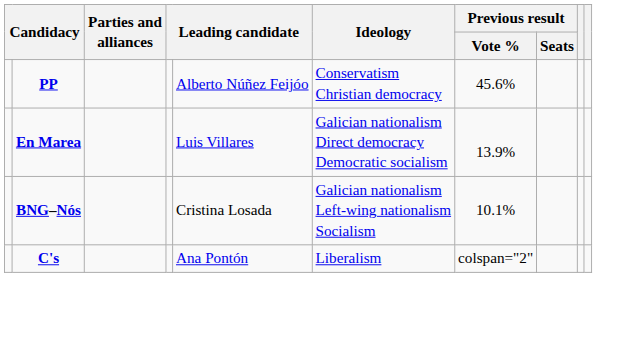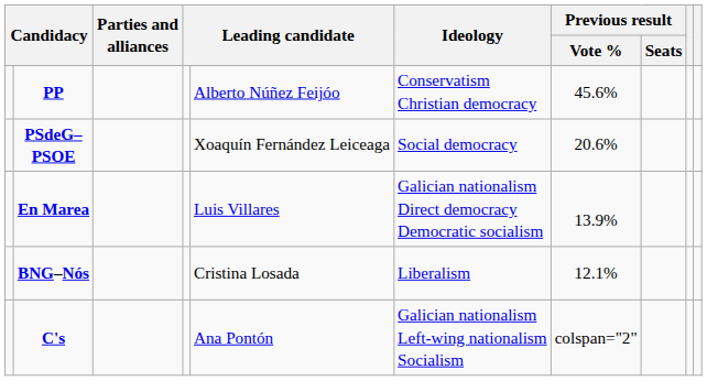 <table class="wikitable" style="line-height:1.35em; text-align:left;">
 <tr>
 <th colspan="2" rowspan="2">Candidacy</th>
 <th rowspan="2">Parties and<br>alliances</th>
 <th colspan="2" rowspan="2">Leading candidate</th>
 <th rowspan="2">Ideology</th>
 <th colspan="2">Previous result</th>
 <th rowspan="2"></th>
 <th rowspan="2"></th>
 </tr>
 <tr>
 <th>Vote %</th>
 <th>Seats</th>
 </tr>
 <tr>
 <td width="1" style="color:inherit;background:"></td>
 <td align="center"><strong><a href='#'>PP</a></strong></td>
 <td></td>
 <td></td>
 <td><a href='#'>Alberto Núñez Feijóo</a></td>
 <td><a href='#'>Conservatism</a><br><a href='#'>Christian democracy</a></td>
 <td align="center">45.6%</td>
 <td></td>
 <td></td>
 <td><br></td>
 </tr>
 <tr>
 <td style="color:inherit;background:"></td>
+<td align="center"><strong><a href='#'>PSdeG–<br>PSOE</a></strong></td>
+<td></td>
+<td></td>
+<td>Xoaquín Fernández Leiceaga</td>
+<td><a href='#'>Social democracy</a></td>
+<td align="center">20.6%</td>
+<td></td>
+<td></td>
+<td></td>
+</tr>
+<tr>
+<td style="color:inherit;background:"></td>
 <td align="center"><strong><a href='#'>En Marea</a></strong></td>
 <td></td>
 <td></td>
 <td><a href='#'>Luis Villares</a></td>
 <td><a href='#'>Galician nationalism</a><br><a href='#'>Direct democracy</a><br><a href='#'>Democratic socialism</a></td>
 <td align="center"><br>13.9%<br></td>
 <td></td>
 <td></td>
 <td><br><br></td>
 </tr>
 <tr>
 <td style="color:inherit;background:"></td>
 <td align="center"><strong><a href='#'>BNG</a>–<a href='#'>Nós</a></strong></td>
 <td></td>
 <td></td>
 <td>Cristina Losada</td>
-<td><a href='#'>Galician nationalism</a><br><a href='#'>Left-wing nationalism</a><br><a href='#'>Socialism</a></td>
-<td align="center">10.1%</td>
+<td><a href='#'>Liberalism</a></td>
+<td align="center">12.1%</td>
 <td></td>
 <td></td>
 <td><br><br></td>
 </tr>
 <tr>
 <td style="color:inherit;background:"></td>
 <td align="center"><strong><a href='#'>C's</a></strong></td>
 <td></td>
 <td></td>
 <td><a href='#'>Ana Pontón</a></td>
-<td><a href='#'>Liberalism</a></td>
+<td><a href='#'>Galician nationalism</a><br><a href='#'>Left-wing nationalism</a><br><a href='#'>Socialism</a></td>
 <td>colspan="2" </td>
 <td></td>
 <td></td>
 </tr>
 </table>
